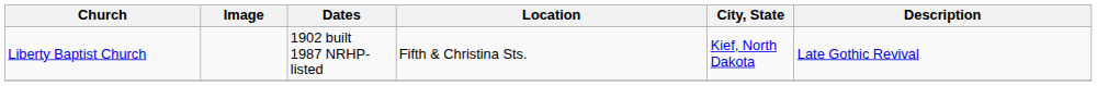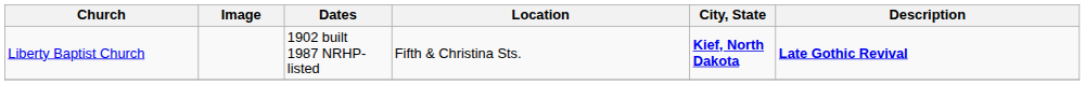 <table class="wikitable sortable" style="width:98%">
 <tr>
 <th width = 18%><strong>Church</strong></th>
 <th width = 8% class="unsortable"><strong>Image</strong></th>
 <th width = 10%><strong>Dates</strong></th>
 <th><strong>Location</strong></th>
 <th width = 8%><strong>City, State</strong></th>
 <th class="unsortable"><strong>Description</strong></th>
 </tr>
 <tr ->
 <td><a href='#'>Liberty Baptist Church</a></td>
 <td></td>
 <td>1902 built<br>1987 NRHP-listed</td>
 <td>Fifth & Christina Sts.<br><small></small></td>
-<td><a href='#'>Kief, North Dakota</a></td>
-<td><a href='#'>Late Gothic Revival</a></td>
+<td><strong><a href='#'>Kief, North Dakota</a></strong></td>
+<td><strong><a href='#'>Late Gothic Revival</a></strong></td>
 </tr>
 <tr ->
 </tr>
 </table>
